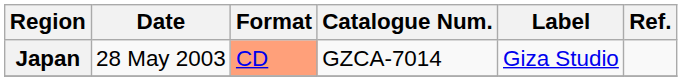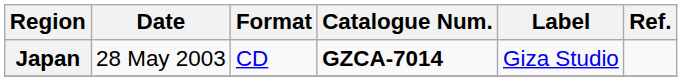 <table class="wikitable sortable plainrowheaders">
 <tr>
 <th scope="col">Region</th>
 <th scope="col">Date</th>
 <th scope="col">Format</th>
 <th scope="col">Catalogue Num.</th>
 <th scope="col">Label</th>
 <th scope="col">Ref.</th>
 </tr>
 <tr>
 <th scope="row">Japan</th>
 <td>28 May 2003</td>
-<td style="background: lightsalmon;"><a href='#'>CD</a></td>
-<td>GZCA-7014</td>
+<td><a href='#'>CD</a></td>
+<td><strong>GZCA-7014</strong></td>
 <td><a href='#'>Giza Studio</a></td>
 <td></td>
 </tr>
 <tr>
 </tr>
 </table>
